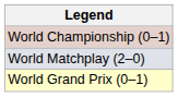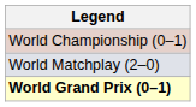 <table class="wikitable">
 <tr>
 <th>Legend</th>
 </tr>
 <tr style="background:#e5d1cb;">
 <td>World Championship (0–1)</td>
 </tr>
 <tr style="background:#dfe2e9;">
 <td>World Matchplay (2–0)</td>
 </tr>
 <tr style="background:#FFFFCC;">
-<td>World Grand Prix (0–1)</td>
+<td><strong>World Grand Prix (0–1)</strong></td>
 </tr>
 </table>
